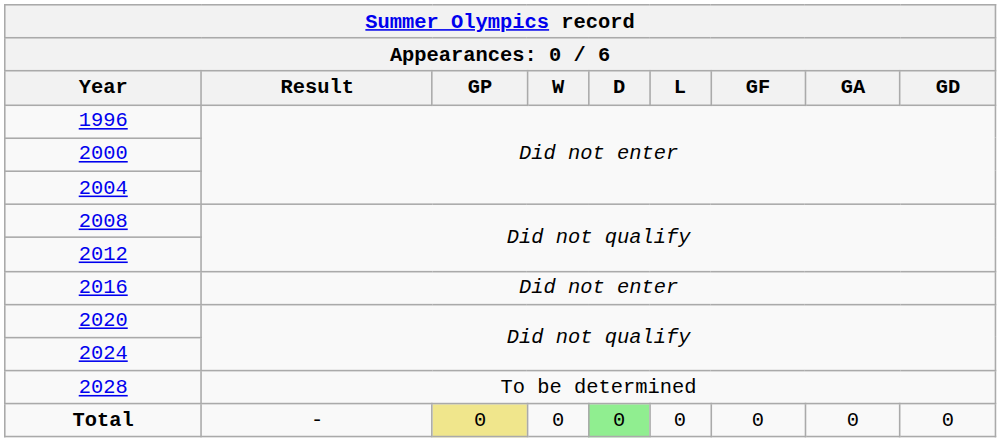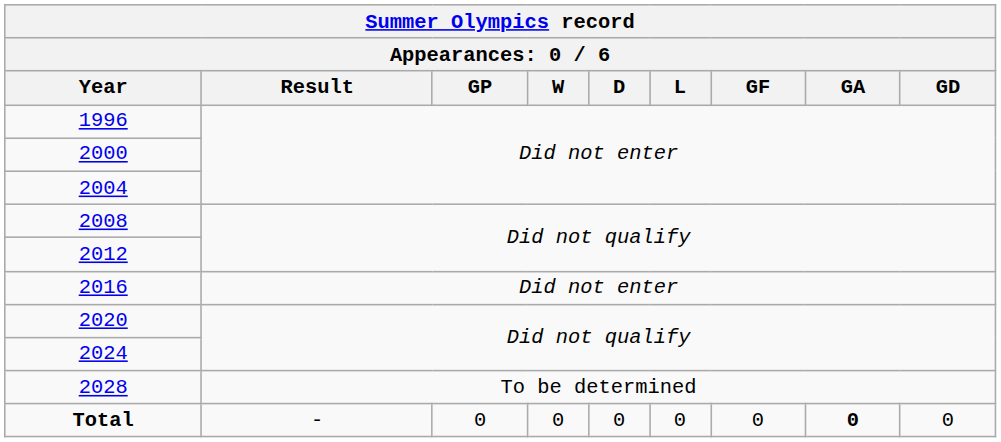 <table class="wikitable" style="text-align: center; width:50%;">
 <tr>
 <th colspan=9><a href='#'>Summer Olympics</a> record</th>
 </tr>
 <tr>
 <th colspan=9>Appearances: 0 / 6</th>
 </tr>
 <tr>
 <th>Year</th>
 <th>Result</th>
 <th>GP</th>
 <th>W</th>
 <th>D</th>
 <th>L</th>
 <th>GF</th>
 <th>GA</th>
 <th>GD</th>
 </tr>
 <tr>
 <td> <a href='#'>1996</a></td>
 <td colspan=8 rowspan=3><em>Did not enter</em></td>
 </tr>
 <tr>
 <td> <a href='#'>2000</a></td>
 </tr>
 <tr>
 <td> <a href='#'>2004</a></td>
 </tr>
 <tr>
 <td> <a href='#'>2008</a></td>
 <td colspan=8 rowspan=2><em>Did not qualify</em></td>
 </tr>
 <tr>
 <td> <a href='#'>2012</a></td>
 </tr>
 <tr>
 <td> <a href='#'>2016</a></td>
 <td colspan=8><em>Did not enter</em></td>
 </tr>
 <tr>
 <td> <a href='#'>2020</a></td>
 <td colspan=8 rowspan=2><em>Did not qualify</em></td>
 </tr>
 <tr>
 <td> <a href='#'>2024</a></td>
 </tr>
 <tr>
 <td> <a href='#'>2028</a></td>
 <td colspan=8 rowspan=1>To be determined</td>
 </tr>
 <tr>
 <td><strong>Total</strong></td>
 <td>-</td>
-<td style="background: khaki;">0</td>
-<td>0</td>
-<td style="background: lightgreen;">0</td>
 <td>0</td>
 <td>0</td>
 <td>0</td>
 <td>0</td>
+<td>0</td>
+<td><strong>0</strong></td>
+<td>0</td>
 </tr>
 </table>
